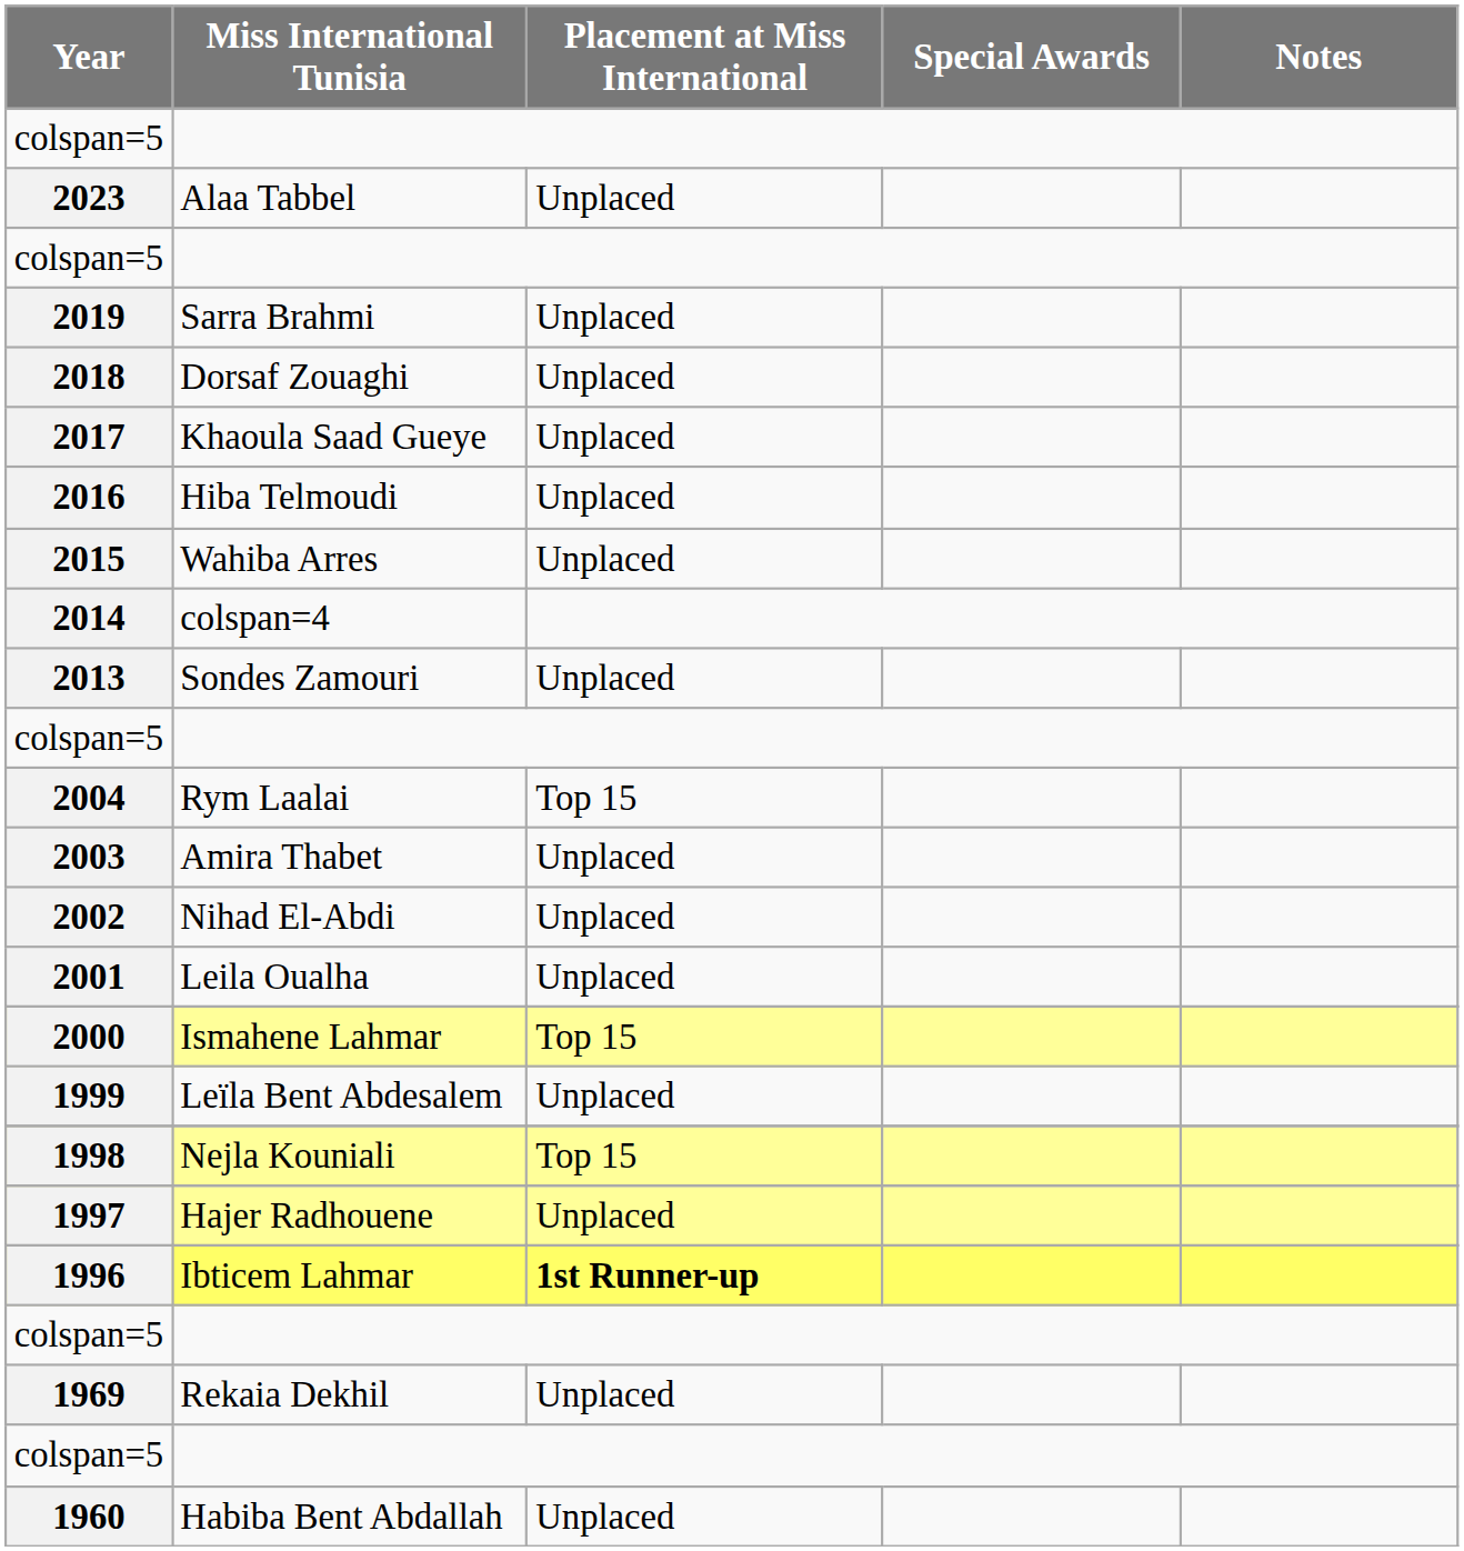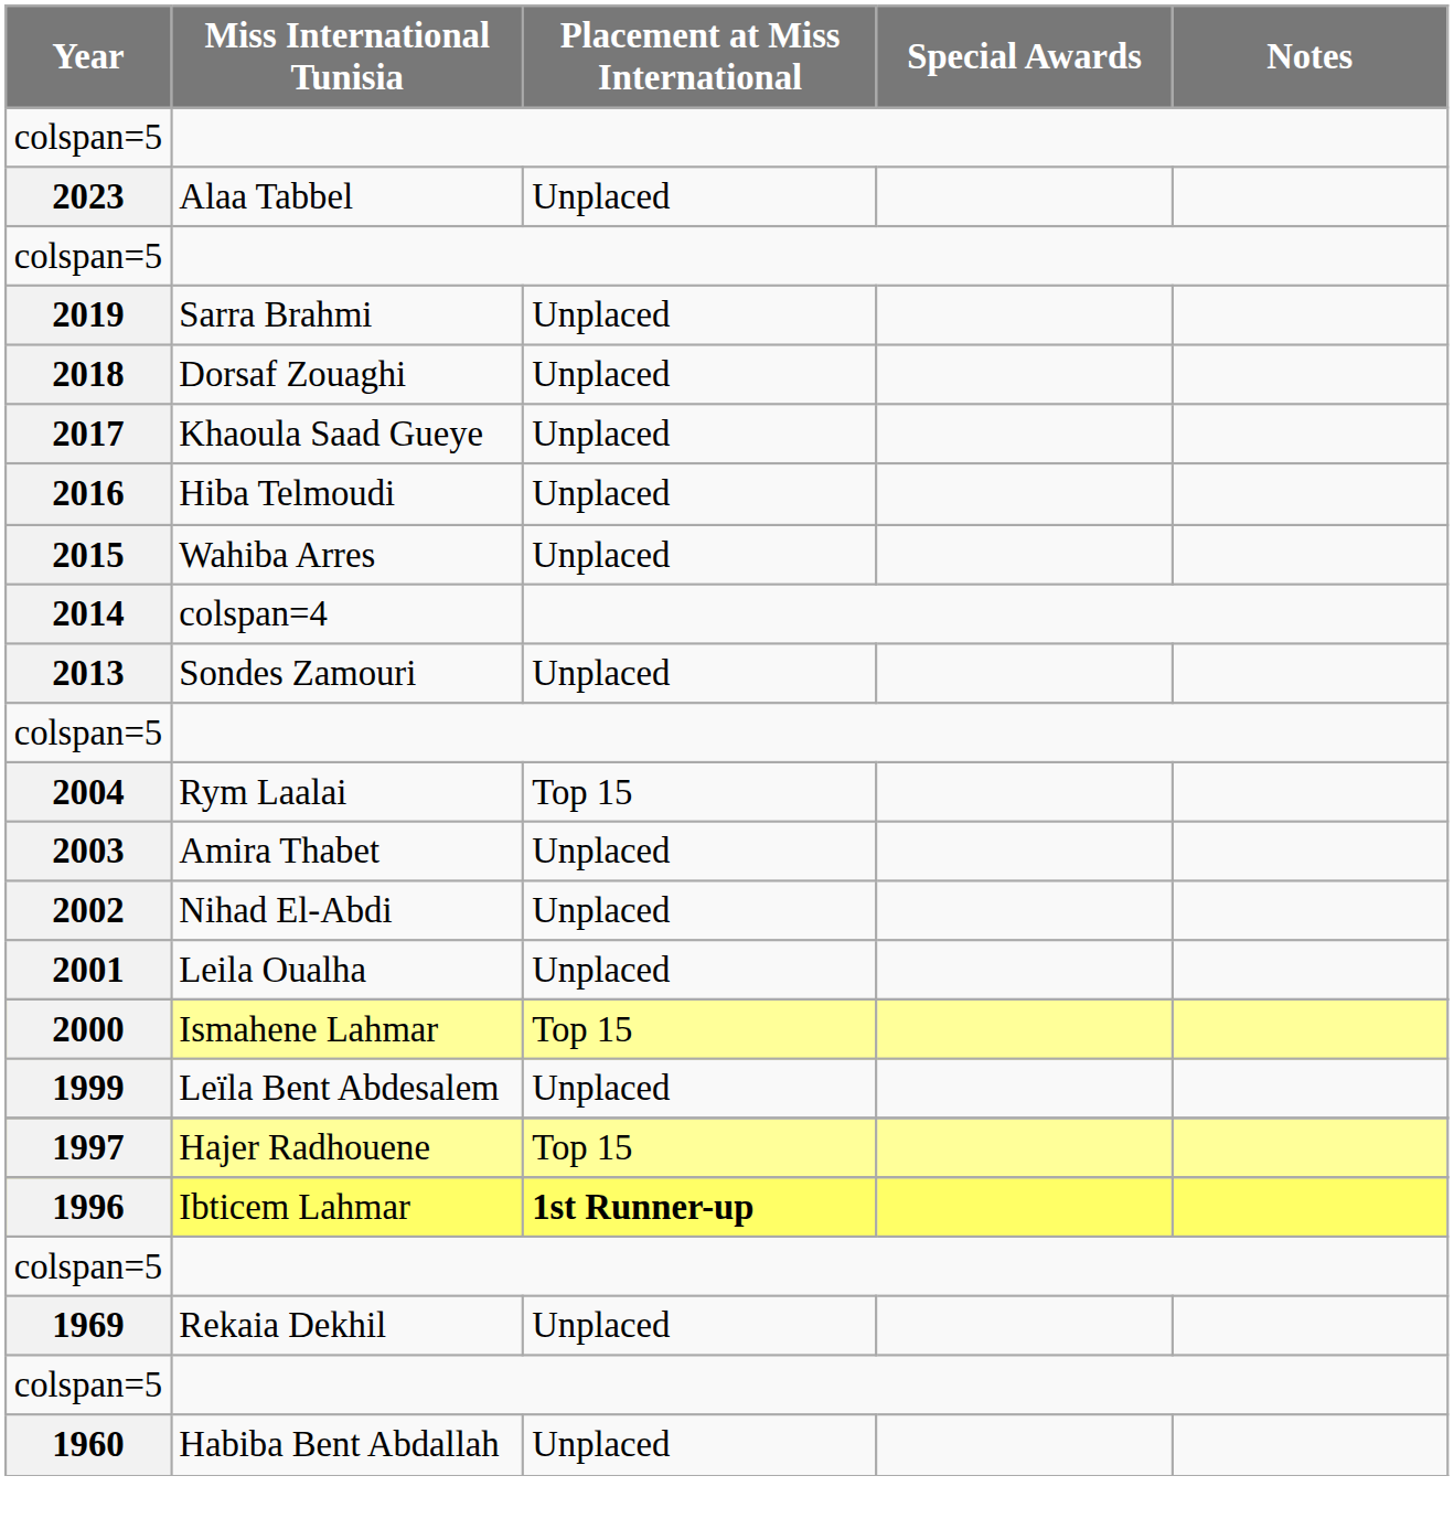 <table class="wikitable " style="font-size: 95%;">
 <tr>
 <th width="60" style="background-color:#787878;color:#FFFFFF;">Year</th>
 <th width="250" style="background-color:#787878;color:#FFFFFF;">Miss International Tunisia</th>
 <th width="250" style="background-color:#787878;color:#FFFFFF;">Placement at Miss International</th>
 <th width="250" style="background-color:#787878;color:#FFFFFF;">Special Awards</th>
 <th width="250" style="background-color:#787878;color:#FFFFFF;">Notes</th>
 </tr>
 <tr>
 <td>colspan=5 </td>
 </tr>
 <tr>
 <th>2023</th>
 <td>Alaa Tabbel</td>
 <td>Unplaced</td>
 <td></td>
 <td></td>
 </tr>
 <tr>
 <td>colspan=5 </td>
 </tr>
 <tr>
 <th>2019</th>
 <td>Sarra Brahmi</td>
 <td>Unplaced</td>
 <td></td>
 <td></td>
 </tr>
 <tr>
 <th>2018</th>
 <td>Dorsaf Zouaghi</td>
 <td>Unplaced</td>
 <td></td>
 </tr>
 <tr>
 <th>2017</th>
 <td>Khaoula Saad Gueye</td>
 <td>Unplaced</td>
 <td></td>
 <td></td>
 </tr>
 <tr>
 <th>2016</th>
 <td>Hiba Telmoudi</td>
 <td>Unplaced</td>
 <td></td>
 <td></td>
 </tr>
 <tr>
 <th>2015</th>
 <td>Wahiba Arres</td>
 <td>Unplaced</td>
 <td></td>
 <td></td>
 </tr>
 <tr>
 <th>2014</th>
 <td>colspan=4 </td>
 </tr>
 <tr>
 <th>2013</th>
 <td>Sondes Zamouri</td>
 <td>Unplaced</td>
 <td></td>
 <td></td>
 </tr>
 <tr>
 <td>colspan=5 </td>
 </tr>
 <tr>
 <th>2004</th>
 <td>Rym Laalai</td>
 <td>Top 15</td>
 <td></td>
 <td></td>
 </tr>
 <tr>
 <th>2003</th>
 <td>Amira Thabet</td>
 <td>Unplaced</td>
 <td></td>
 <td></td>
 </tr>
 <tr>
 <th>2002</th>
 <td>Nihad El-Abdi</td>
 <td>Unplaced</td>
 <td></td>
 <td></td>
 </tr>
 <tr>
 <th>2001</th>
 <td>Leila Oualha</td>
 <td>Unplaced</td>
 <td></td>
 <td></td>
 </tr>
 <tr>
 </tr>
 <tr style="background-color:#FFFF99; ">
 <th>2000</th>
 <td>Ismahene Lahmar</td>
 <td>Top 15</td>
 <td></td>
 <td></td>
 </tr>
 <tr>
 <th>1999</th>
 <td>Leïla Bent Abdesalem</td>
 <td>Unplaced</td>
 <td></td>
 <td></td>
 </tr>
 <tr>
 </tr>
-<tr style="background-color:#FFFF99; ">
-<th>1998</th>
-<td>Nejla Kouniali</td>
-<td>Top 15</td>
-<td></td>
-<td></td>
-</tr>
 <tr>
 </tr>
 <tr style="background-color:#FFFF99; ">
 <th>1997</th>
 <td>Hajer Radhouene</td>
-<td>Unplaced</td>
+<td>Top 15</td>
 <td></td>
 <td></td>
 </tr>
 <tr>
 </tr>
 <tr style="background-color:#FFFF66;">
 <th>1996</th>
 <td>Ibticem Lahmar</td>
 <td><strong>1st Runner-up</strong></td>
 <td></td>
 <td></td>
 </tr>
 <tr>
 <td>colspan=5 </td>
 </tr>
 <tr>
 <th>1969</th>
 <td>Rekaia Dekhil</td>
 <td>Unplaced</td>
 <td></td>
 <td></td>
 </tr>
 <tr>
 <td>colspan=5 </td>
 </tr>
 <tr>
 <th>1960</th>
 <td>Habiba Bent Abdallah</td>
 <td>Unplaced</td>
 <td></td>
 <td></td>
 </tr>
 <tr>
 </tr>
 </table>
